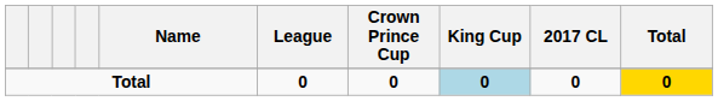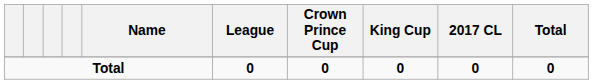 <table class="wikitable" style="text-align:center">
 <tr>
 <th width=15></th>
 <th width=15></th>
 <th width=15></th>
 <th width=15></th>
 <th width=145>Name</th>
 <th width=80>League</th>
 <th width=80>Crown Prince Cup</th>
 <th width=80>King Cup</th>
 <th width=80>2017 CL</th>
 <th width=80>Total</th>
 </tr>
 <tr>
 </tr>
 <tr>
 <td colspan=5><strong>Total</strong></td>
 <td><strong>0</strong></td>
 <td><strong>0</strong></td>
-<td style="background: lightblue;"><strong>0</strong></td>
 <td><strong>0</strong></td>
-<td style="background: gold;"><strong>0</strong></td>
+<td><strong>0</strong></td>
+<td><strong>0</strong></td>
 </tr>
 </table>
